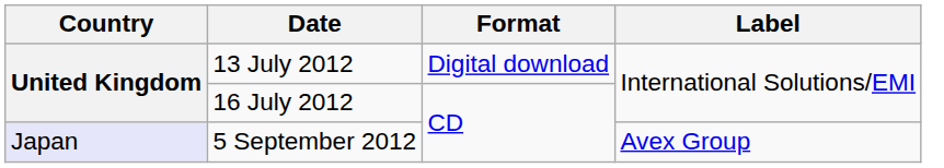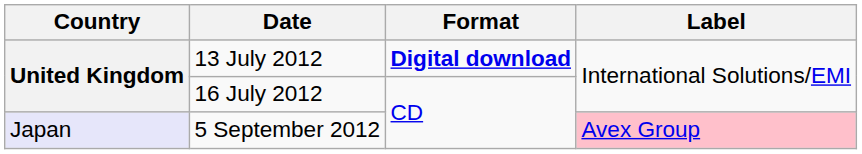 <table class="wikitable plainrowheaders">
 <tr>
 <th scope="col">Country</th>
 <th scope="col">Date</th>
 <th scope="col">Format</th>
 <th scope="col">Label</th>
 </tr>
 <tr>
 <th scope="row" rowspan="2">United Kingdom</th>
 <td>13 July 2012</td>
-<td><a href='#'>Digital download</a></td>
+<td><strong><a href='#'>Digital download</a></strong></td>
 <td rowspan="2">International Solutions/<a href='#'>EMI</a></td>
 </tr>
 <tr>
 <td>16 July 2012</td>
 <td rowspan="2"><a href='#'>CD</a></td>
 </tr>
 <tr>
 <td style="background: lavender;">Japan</td>
 <td>5 September 2012</td>
-<td><a href='#'>Avex Group</a></td>
+<td style="background: pink;"><a href='#'>Avex Group</a></td>
 </tr>
 </table>
